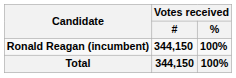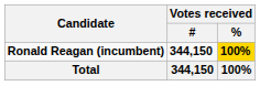 <table class="wikitable sortable">
 <tr>
 <th rowspan="2">Candidate</th>
 <th colspan="2">Votes received</th>
 </tr>
 <tr>
 <th>#</th>
 <th>%</th>
 </tr>
 <tr>
 <td><strong>Ronald Reagan</strong> <strong>(incumbent)</strong></td>
 <td><strong>344,150</strong></td>
-<td><strong>100%</strong></td>
+<td style="background: gold;"><strong>100%</strong></td>
 </tr>
 <tr>
 <th>Total</th>
 <th>344,150</th>
 <th>100%</th>
 </tr>
 </table>
